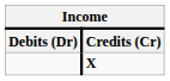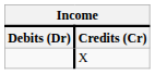 <table class="wikitable">
 <tr>
 <th style="border-bottom:3px solid black" colspan="2">Income</th>
 </tr>
 <tr>
 <th style="border-right:3px solid black">Debits (Dr)</th>
 <th>Credits (Cr)</th>
 </tr>
 <tr>
 <td style="border-right:3px solid black"> </td>
-<td><strong>X</strong></td>
+<td>X</td>
 </tr>
 </table>
